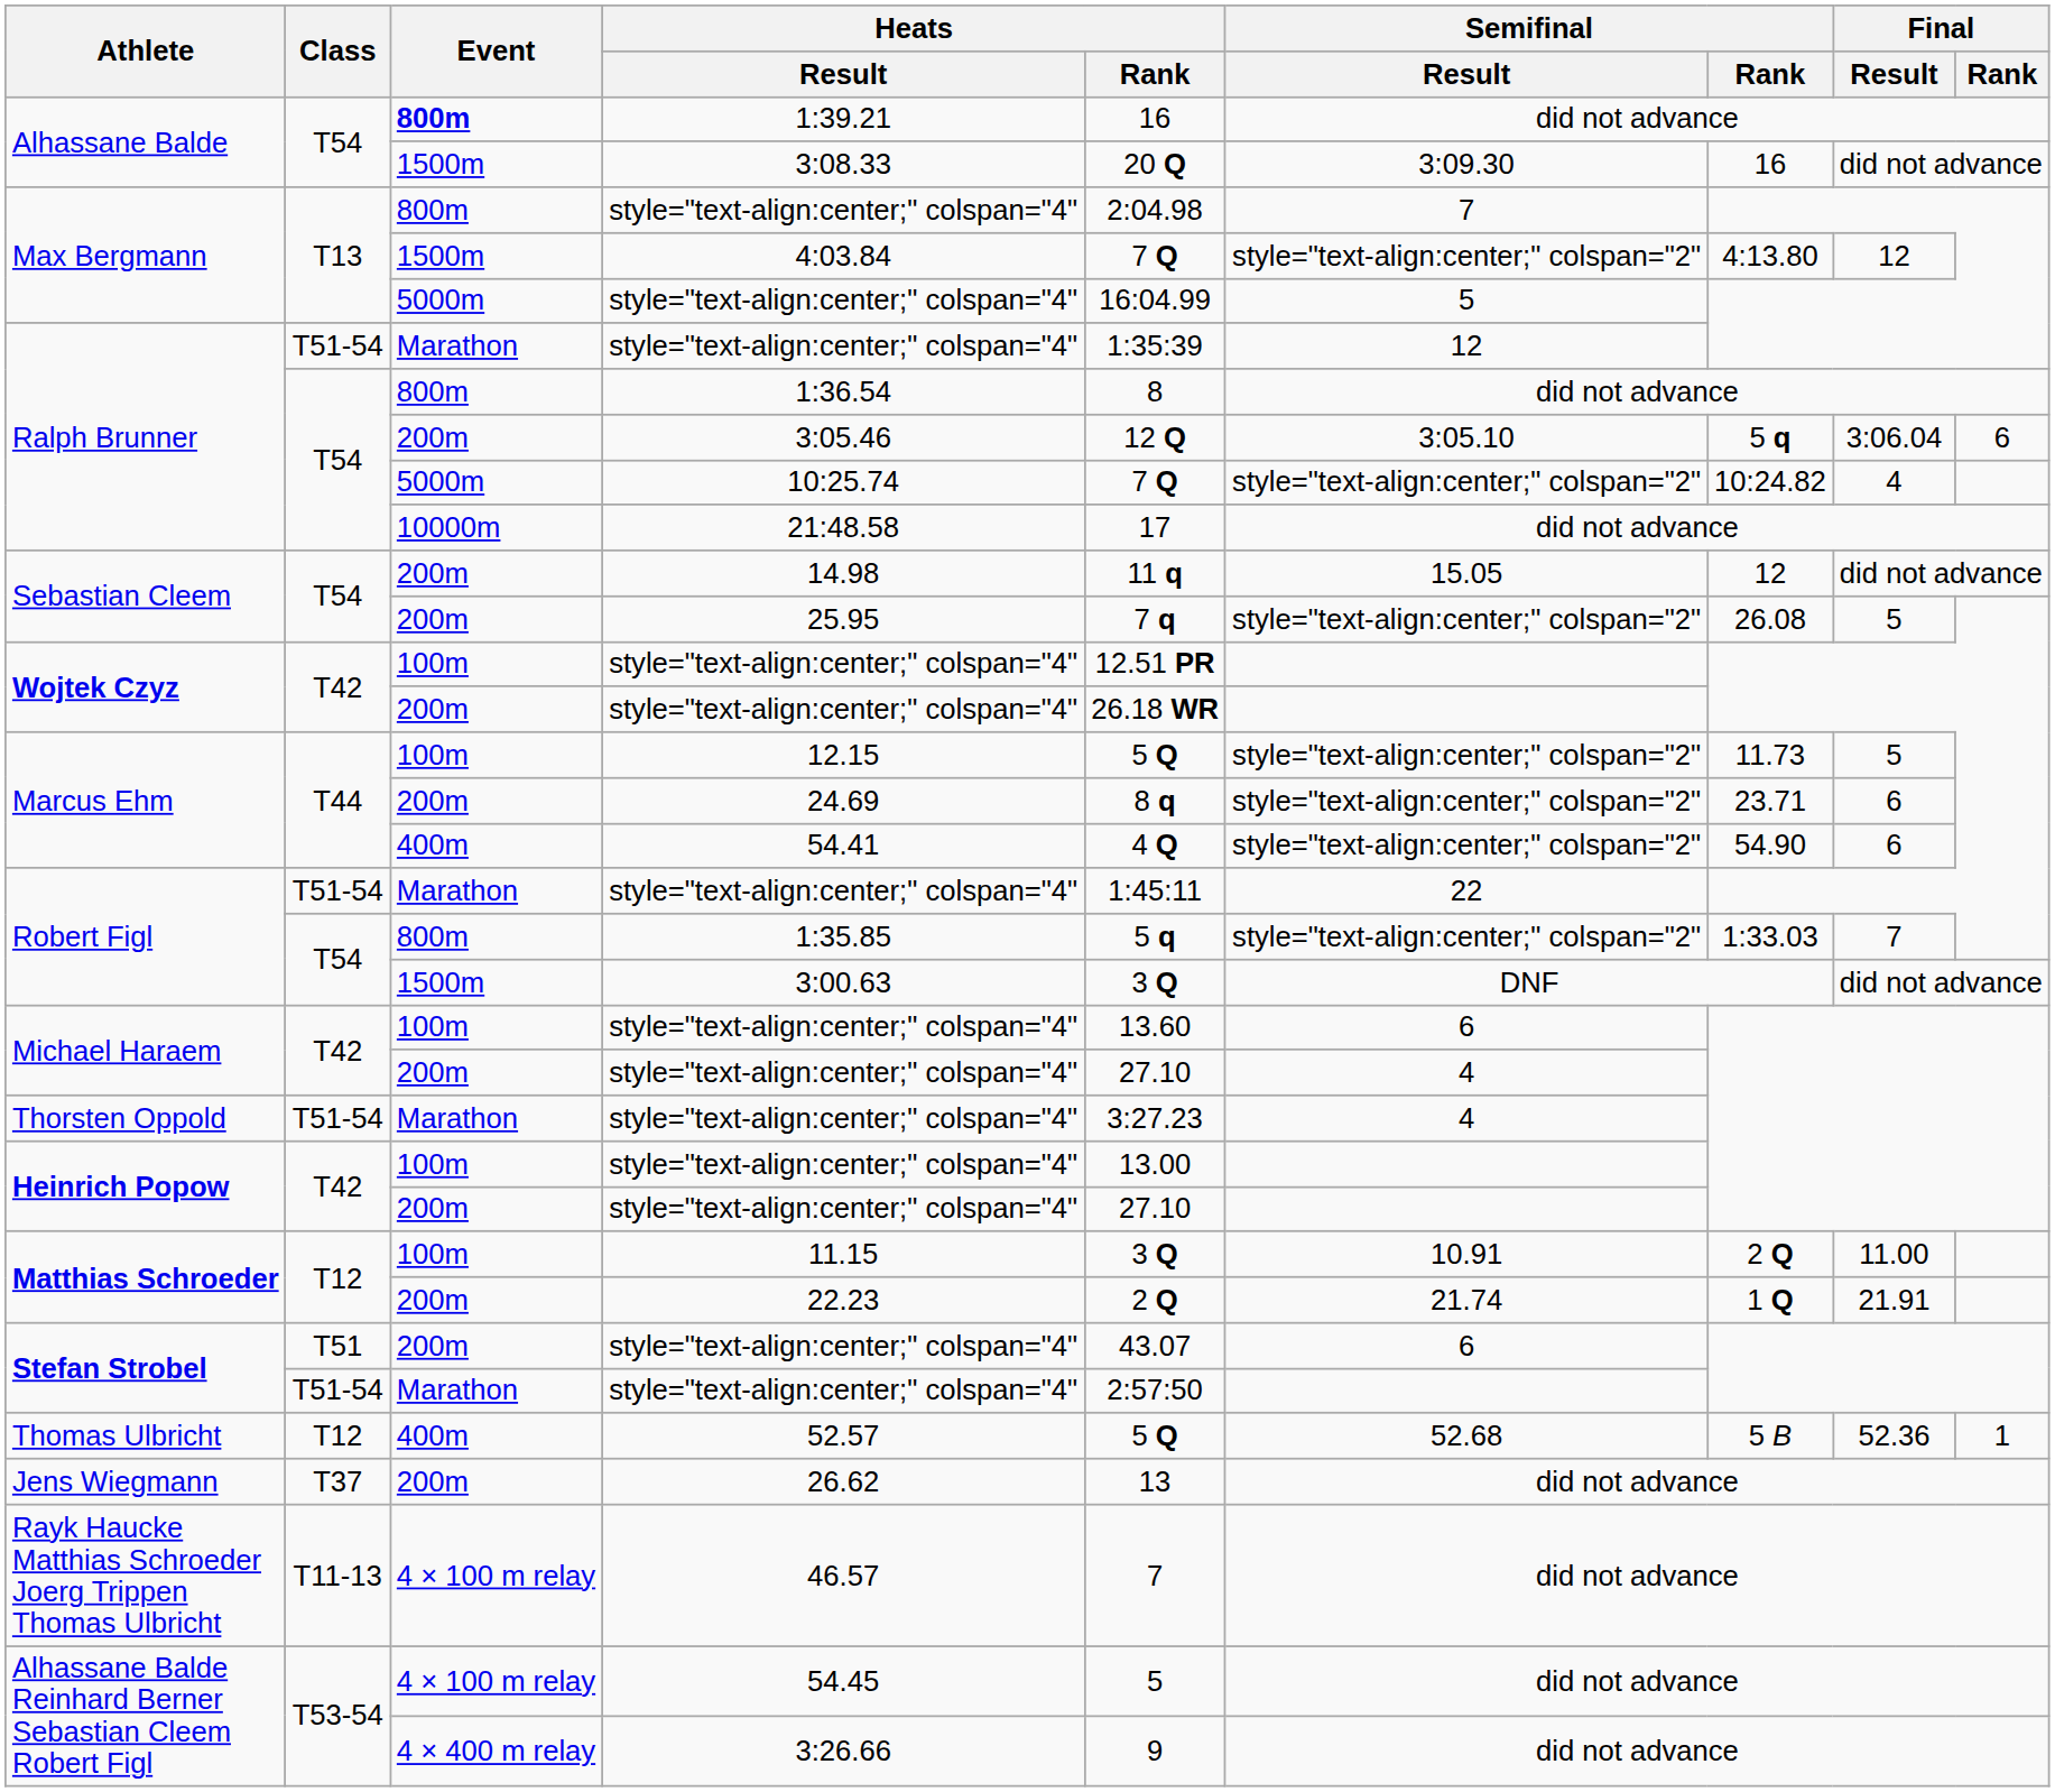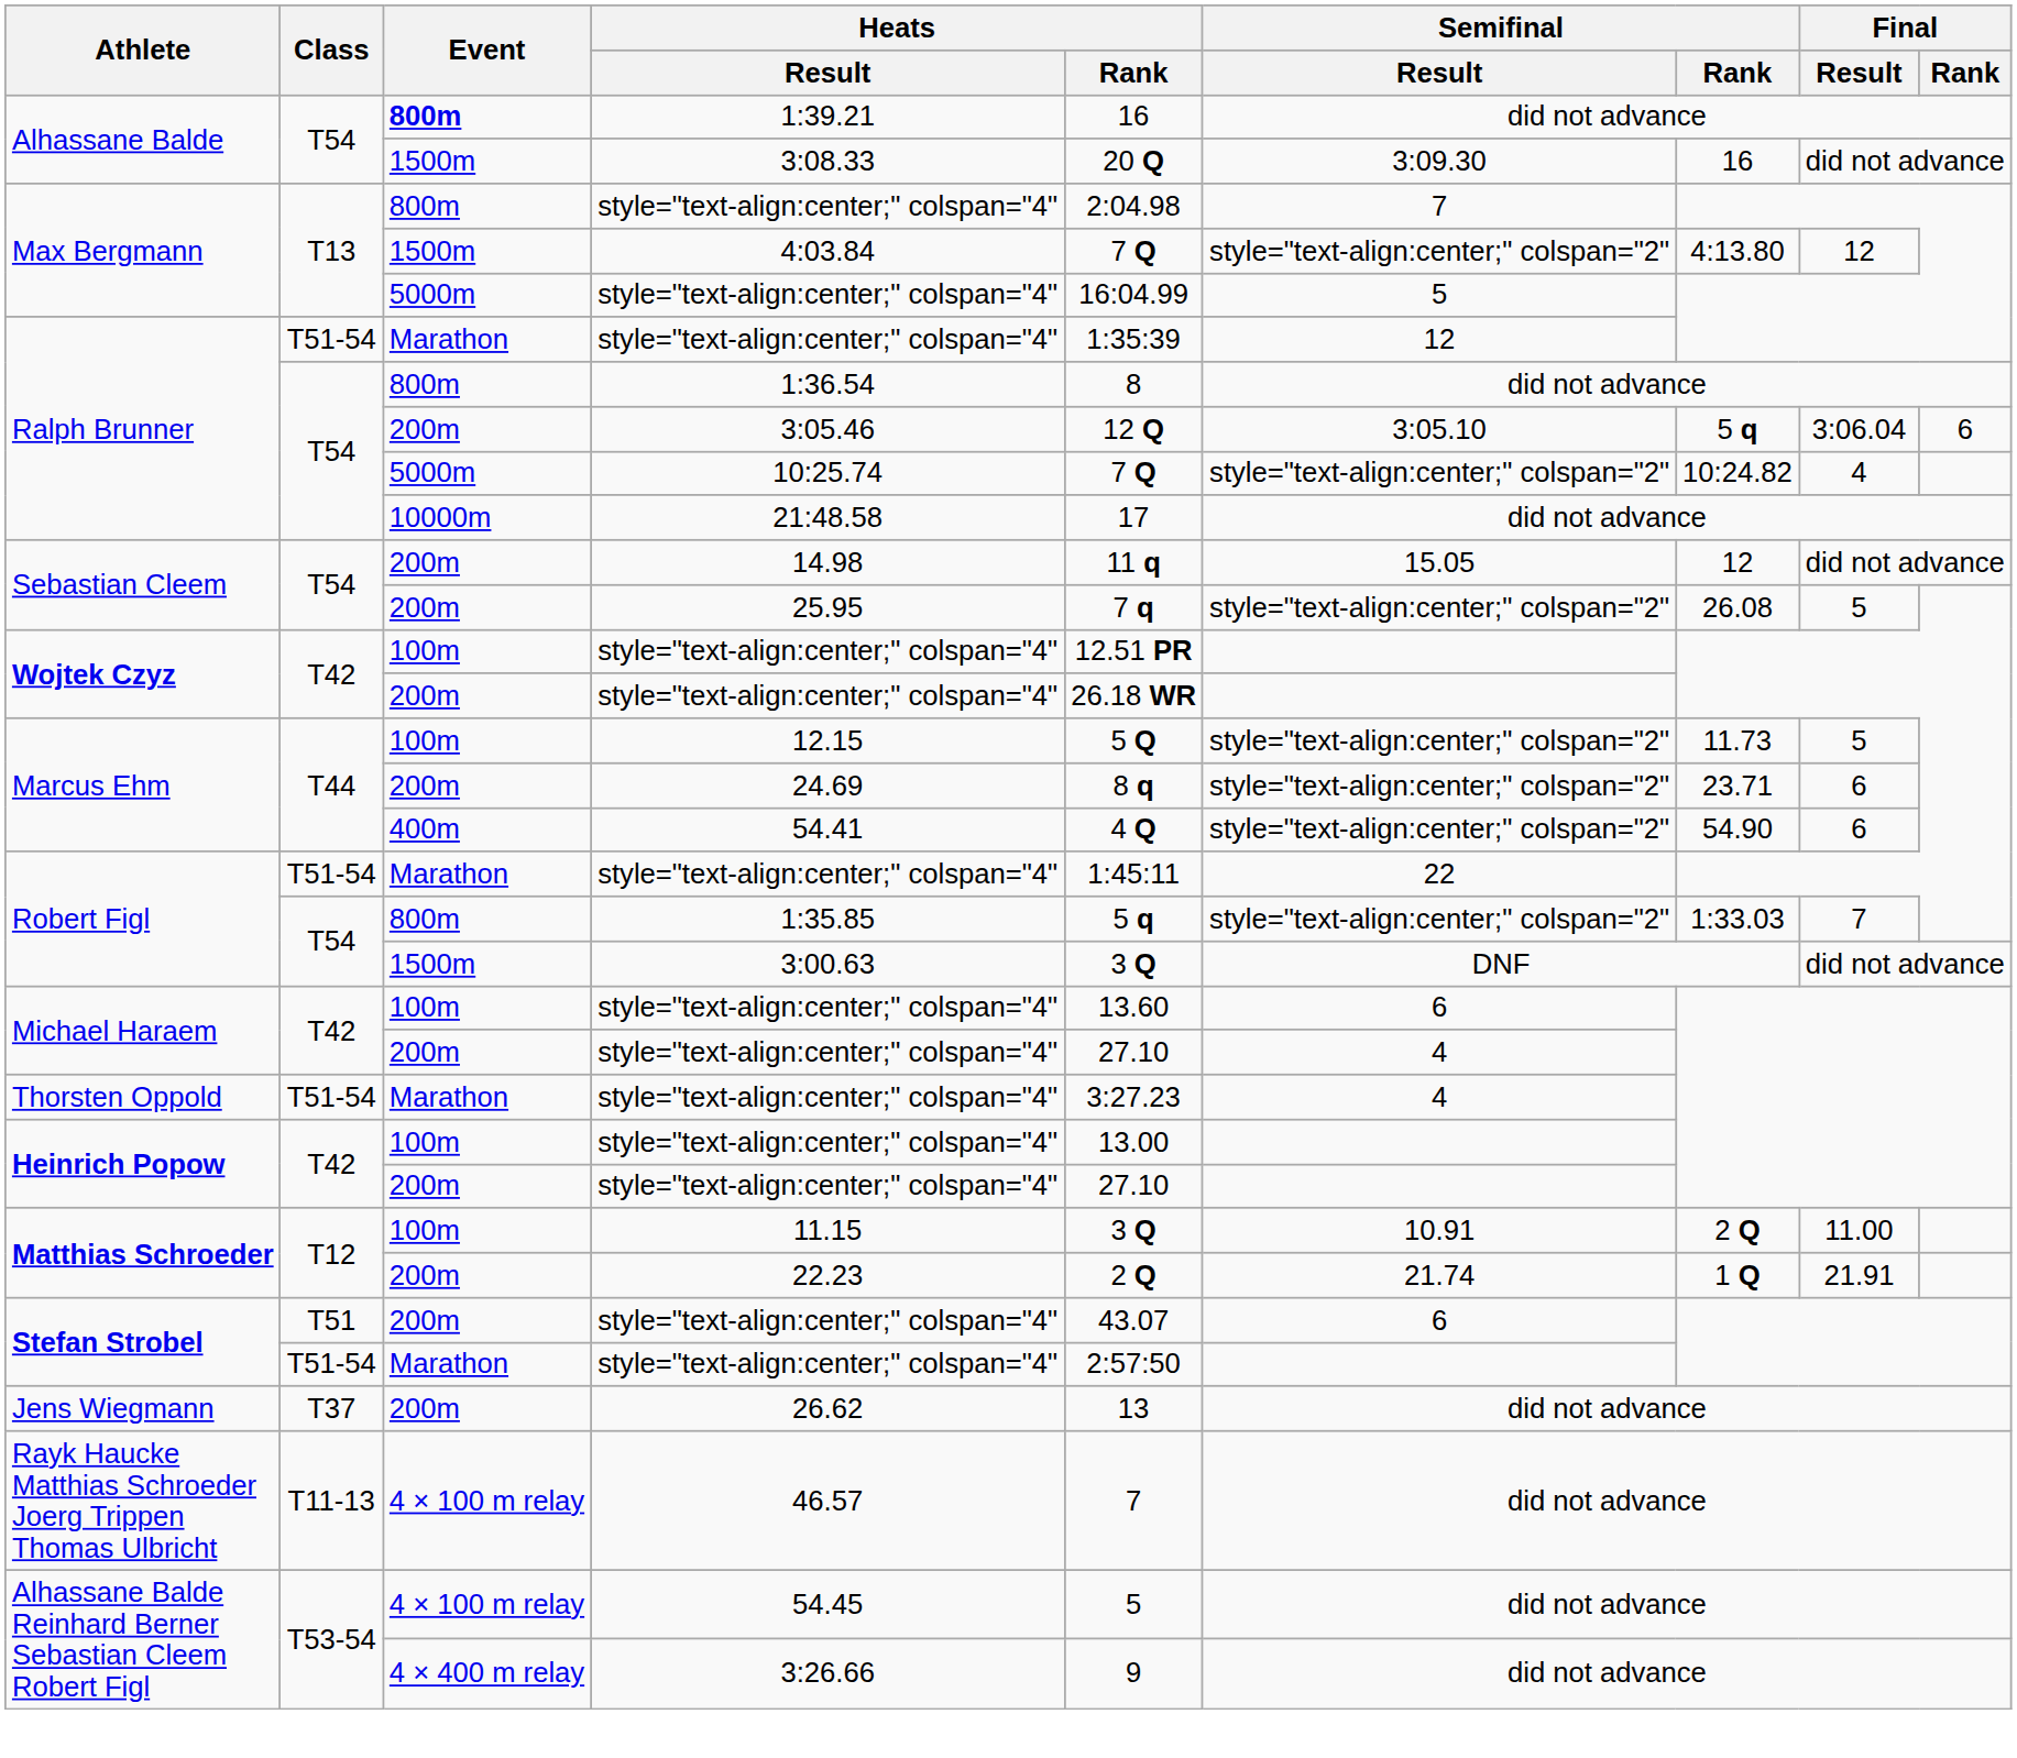 <table class=wikitable style="font-size:90%">
 <tr>
 <th rowspan="2">Athlete</th>
 <th rowspan="2">Class</th>
 <th rowspan="2">Event</th>
 <th colspan="2">Heats</th>
 <th colspan="2">Semifinal</th>
 <th colspan="2">Final</th>
 </tr>
 <tr>
 <th>Result</th>
 <th>Rank</th>
 <th>Result</th>
 <th>Rank</th>
 <th>Result</th>
 <th>Rank</th>
 </tr>
 <tr>
 <td rowspan="2"><a href='#'>Alhassane Balde</a></td>
 <td rowspan="2" style="text-align:center;">T54</td>
 <td><strong><a href='#'>800m</a></strong></td>
 <td style="text-align:center;">1:39.21</td>
 <td style="text-align:center;">16</td>
 <td style="text-align:center;" colspan="4">did not advance</td>
 </tr>
 <tr>
 <td><a href='#'>1500m</a></td>
 <td style="text-align:center;">3:08.33</td>
 <td style="text-align:center;">20 <strong>Q</strong></td>
 <td style="text-align:center;">3:09.30</td>
 <td style="text-align:center;">16</td>
 <td style="text-align:center;" colspan="2">did not advance</td>
 </tr>
 <tr>
 <td rowspan="3"><a href='#'>Max Bergmann</a></td>
 <td rowspan="3" style="text-align:center;">T13</td>
 <td><a href='#'>800m</a></td>
 <td>style="text-align:center;" colspan="4" </td>
 <td style="text-align:center;">2:04.98</td>
 <td style="text-align:center;">7</td>
 </tr>
 <tr>
 <td><a href='#'>1500m</a></td>
 <td style="text-align:center;">4:03.84</td>
 <td style="text-align:center;">7 <strong>Q</strong></td>
 <td>style="text-align:center;" colspan="2" </td>
 <td style="text-align:center;">4:13.80</td>
 <td style="text-align:center;">12</td>
 </tr>
 <tr>
 <td><a href='#'>5000m</a></td>
 <td>style="text-align:center;" colspan="4" </td>
 <td style="text-align:center;">16:04.99</td>
 <td style="text-align:center;">5</td>
 </tr>
 <tr>
 <td rowspan="5"><a href='#'>Ralph Brunner</a></td>
 <td style="text-align:center;">T51-54</td>
 <td><a href='#'>Marathon</a></td>
 <td>style="text-align:center;" colspan="4" </td>
 <td style="text-align:center;">1:35:39</td>
 <td style="text-align:center;">12</td>
 </tr>
 <tr>
 <td rowspan="4" style="text-align:center;">T54</td>
 <td><a href='#'>800m</a></td>
 <td style="text-align:center;">1:36.54</td>
 <td style="text-align:center;">8</td>
 <td style="text-align:center;" colspan="4">did not advance</td>
 </tr>
 <tr>
 <td><a href='#'>200m</a></td>
 <td style="text-align:center;">3:05.46</td>
 <td style="text-align:center;">12 <strong>Q</strong></td>
 <td style="text-align:center;">3:05.10</td>
 <td style="text-align:center;">5 <strong>q</strong></td>
 <td style="text-align:center;">3:06.04</td>
 <td style="text-align:center;">6</td>
 </tr>
 <tr>
 <td><a href='#'>5000m</a></td>
 <td style="text-align:center;">10:25.74</td>
 <td style="text-align:center;">7 <strong>Q</strong></td>
 <td>style="text-align:center;" colspan="2" </td>
 <td style="text-align:center;">10:24.82</td>
 <td style="text-align:center;">4</td>
 </tr>
 <tr>
 <td><a href='#'>10000m</a></td>
 <td style="text-align:center;">21:48.58</td>
 <td style="text-align:center;">17</td>
 <td style="text-align:center;" colspan="4">did not advance</td>
 </tr>
 <tr>
 <td rowspan="2"><a href='#'>Sebastian Cleem</a></td>
 <td rowspan="2" style="text-align:center;">T54</td>
 <td><a href='#'>200m</a></td>
 <td style="text-align:center;">14.98</td>
 <td style="text-align:center;">11 <strong>q</strong></td>
 <td style="text-align:center;">15.05</td>
 <td style="text-align:center;">12</td>
 <td style="text-align:center;" colspan="2">did not advance</td>
 </tr>
 <tr>
 <td><a href='#'>200m</a></td>
 <td style="text-align:center;">25.95</td>
 <td style="text-align:center;">7 <strong>q</strong></td>
 <td>style="text-align:center;" colspan="2" </td>
 <td style="text-align:center;">26.08</td>
 <td style="text-align:center;">5</td>
 </tr>
 <tr>
 <td rowspan="2"><strong><a href='#'>Wojtek Czyz</a></strong></td>
 <td rowspan="2" style="text-align:center;">T42</td>
 <td><a href='#'>100m</a></td>
 <td>style="text-align:center;" colspan="4" </td>
 <td style="text-align:center;">12.51 <strong>PR</strong></td>
 <td style="text-align:center;"></td>
 </tr>
 <tr>
 <td><a href='#'>200m</a></td>
 <td>style="text-align:center;" colspan="4" </td>
 <td style="text-align:center;">26.18 <strong>WR</strong></td>
 <td style="text-align:center;"></td>
 </tr>
 <tr>
 <td rowspan="3"><a href='#'>Marcus Ehm</a></td>
 <td rowspan="3" style="text-align:center;">T44</td>
 <td><a href='#'>100m</a></td>
 <td style="text-align:center;">12.15</td>
 <td style="text-align:center;">5 <strong>Q</strong></td>
 <td>style="text-align:center;" colspan="2" </td>
 <td style="text-align:center;">11.73</td>
 <td style="text-align:center;">5</td>
 </tr>
 <tr>
 <td><a href='#'>200m</a></td>
 <td style="text-align:center;">24.69</td>
 <td style="text-align:center;">8 <strong>q</strong></td>
 <td>style="text-align:center;" colspan="2" </td>
 <td style="text-align:center;">23.71</td>
 <td style="text-align:center;">6</td>
 </tr>
 <tr>
 <td><a href='#'>400m</a></td>
 <td style="text-align:center;">54.41</td>
 <td style="text-align:center;">4 <strong>Q</strong></td>
 <td>style="text-align:center;" colspan="2" </td>
 <td style="text-align:center;">54.90</td>
 <td style="text-align:center;">6</td>
 </tr>
 <tr>
 <td rowspan="3"><a href='#'>Robert Figl</a></td>
 <td style="text-align:center;">T51-54</td>
 <td><a href='#'>Marathon</a></td>
 <td>style="text-align:center;" colspan="4" </td>
 <td style="text-align:center;">1:45:11</td>
 <td style="text-align:center;">22</td>
 </tr>
 <tr>
 <td rowspan="2" style="text-align:center;">T54</td>
 <td><a href='#'>800m</a></td>
 <td style="text-align:center;">1:35.85</td>
 <td style="text-align:center;">5 <strong>q</strong></td>
 <td>style="text-align:center;" colspan="2" </td>
 <td style="text-align:center;">1:33.03</td>
 <td style="text-align:center;">7</td>
 </tr>
 <tr>
 <td><a href='#'>1500m</a></td>
 <td style="text-align:center;">3:00.63</td>
 <td style="text-align:center;">3 <strong>Q</strong></td>
 <td style="text-align:center;" colspan="2">DNF</td>
 <td style="text-align:center;" colspan="2">did not advance</td>
 </tr>
 <tr>
 <td rowspan="2"><a href='#'>Michael Haraem</a></td>
 <td rowspan="2" style="text-align:center;">T42</td>
 <td><a href='#'>100m</a></td>
 <td>style="text-align:center;" colspan="4" </td>
 <td style="text-align:center;">13.60</td>
 <td style="text-align:center;">6</td>
 </tr>
 <tr>
 <td><a href='#'>200m</a></td>
 <td>style="text-align:center;" colspan="4" </td>
 <td style="text-align:center;">27.10</td>
 <td style="text-align:center;">4</td>
 </tr>
 <tr>
 <td><a href='#'>Thorsten Oppold</a></td>
 <td style="text-align:center;">T51-54</td>
 <td><a href='#'>Marathon</a></td>
 <td>style="text-align:center;" colspan="4" </td>
 <td style="text-align:center;">3:27.23</td>
 <td style="text-align:center;">4</td>
 </tr>
 <tr>
 <td rowspan="2"><strong><a href='#'>Heinrich Popow</a></strong></td>
 <td rowspan="2" style="text-align:center;">T42</td>
 <td><a href='#'>100m</a></td>
 <td>style="text-align:center;" colspan="4" </td>
 <td style="text-align:center;">13.00</td>
 <td style="text-align:center;"></td>
 </tr>
 <tr>
 <td><a href='#'>200m</a></td>
 <td>style="text-align:center;" colspan="4" </td>
 <td style="text-align:center;">27.10</td>
 <td style="text-align:center;"></td>
 </tr>
 <tr>
 <td rowspan="2"><strong><a href='#'>Matthias Schroeder</a></strong></td>
 <td rowspan="2" style="text-align:center;">T12</td>
 <td><a href='#'>100m</a></td>
 <td style="text-align:center;">11.15</td>
 <td style="text-align:center;">3 <strong>Q</strong></td>
 <td style="text-align:center;">10.91</td>
 <td style="text-align:center;">2 <strong>Q</strong></td>
 <td style="text-align:center;">11.00</td>
 <td style="text-align:center;"></td>
 </tr>
 <tr>
 <td><a href='#'>200m</a></td>
 <td style="text-align:center;">22.23</td>
 <td style="text-align:center;">2 <strong>Q</strong></td>
 <td style="text-align:center;">21.74</td>
 <td style="text-align:center;">1 <strong>Q</strong></td>
 <td style="text-align:center;">21.91</td>
 <td style="text-align:center;"></td>
 </tr>
 <tr>
 <td rowspan="2"><strong><a href='#'>Stefan Strobel</a></strong></td>
 <td style="text-align:center;">T51</td>
 <td><a href='#'>200m</a></td>
 <td>style="text-align:center;" colspan="4" </td>
 <td style="text-align:center;">43.07</td>
 <td style="text-align:center;">6</td>
 </tr>
 <tr>
 <td style="text-align:center;">T51-54</td>
 <td><a href='#'>Marathon</a></td>
 <td>style="text-align:center;" colspan="4" </td>
 <td style="text-align:center;">2:57:50</td>
 <td style="text-align:center;"></td>
 </tr>
 <tr>
-<td><a href='#'>Thomas Ulbricht</a></td>
-<td style="text-align:center;">T12</td>
-<td><a href='#'>400m</a></td>
-<td style="text-align:center;">52.57</td>
-<td style="text-align:center;">5 <strong>Q</strong></td>
-<td style="text-align:center;">52.68</td>
-<td style="text-align:center;">5 <em>B</em></td>
-<td style="text-align:center;">52.36</td>
-<td style="text-align:center;">1</td>
-</tr>
-<tr>
 <td><a href='#'>Jens Wiegmann</a></td>
 <td style="text-align:center;">T37</td>
 <td><a href='#'>200m</a></td>
 <td style="text-align:center;">26.62</td>
 <td style="text-align:center;">13</td>
 <td style="text-align:center;" colspan="4">did not advance</td>
 </tr>
 <tr>
 <td><a href='#'>Rayk Haucke</a><br> <a href='#'>Matthias Schroeder</a><br> <a href='#'>Joerg Trippen</a><br> <a href='#'>Thomas Ulbricht</a></td>
 <td style="text-align:center;">T11-13</td>
 <td><a href='#'>4 × 100 m relay</a></td>
 <td style="text-align:center;">46.57</td>
 <td style="text-align:center;">7</td>
 <td style="text-align:center;" colspan="4">did not advance</td>
 </tr>
 <tr>
 <td rowspan="2"><a href='#'>Alhassane Balde</a><br> <a href='#'>Reinhard Berner</a><br> <a href='#'>Sebastian Cleem</a><br> <a href='#'>Robert Figl</a></td>
 <td rowspan="2" style="text-align:center;">T53-54</td>
 <td><a href='#'>4 × 100 m relay</a></td>
 <td style="text-align:center;">54.45</td>
 <td style="text-align:center;">5</td>
 <td style="text-align:center;" colspan="4">did not advance</td>
 </tr>
 <tr>
 <td><a href='#'>4 × 400 m relay</a></td>
 <td style="text-align:center;">3:26.66</td>
 <td style="text-align:center;">9</td>
 <td style="text-align:center;" colspan="4">did not advance</td>
 </tr>
 </table>
